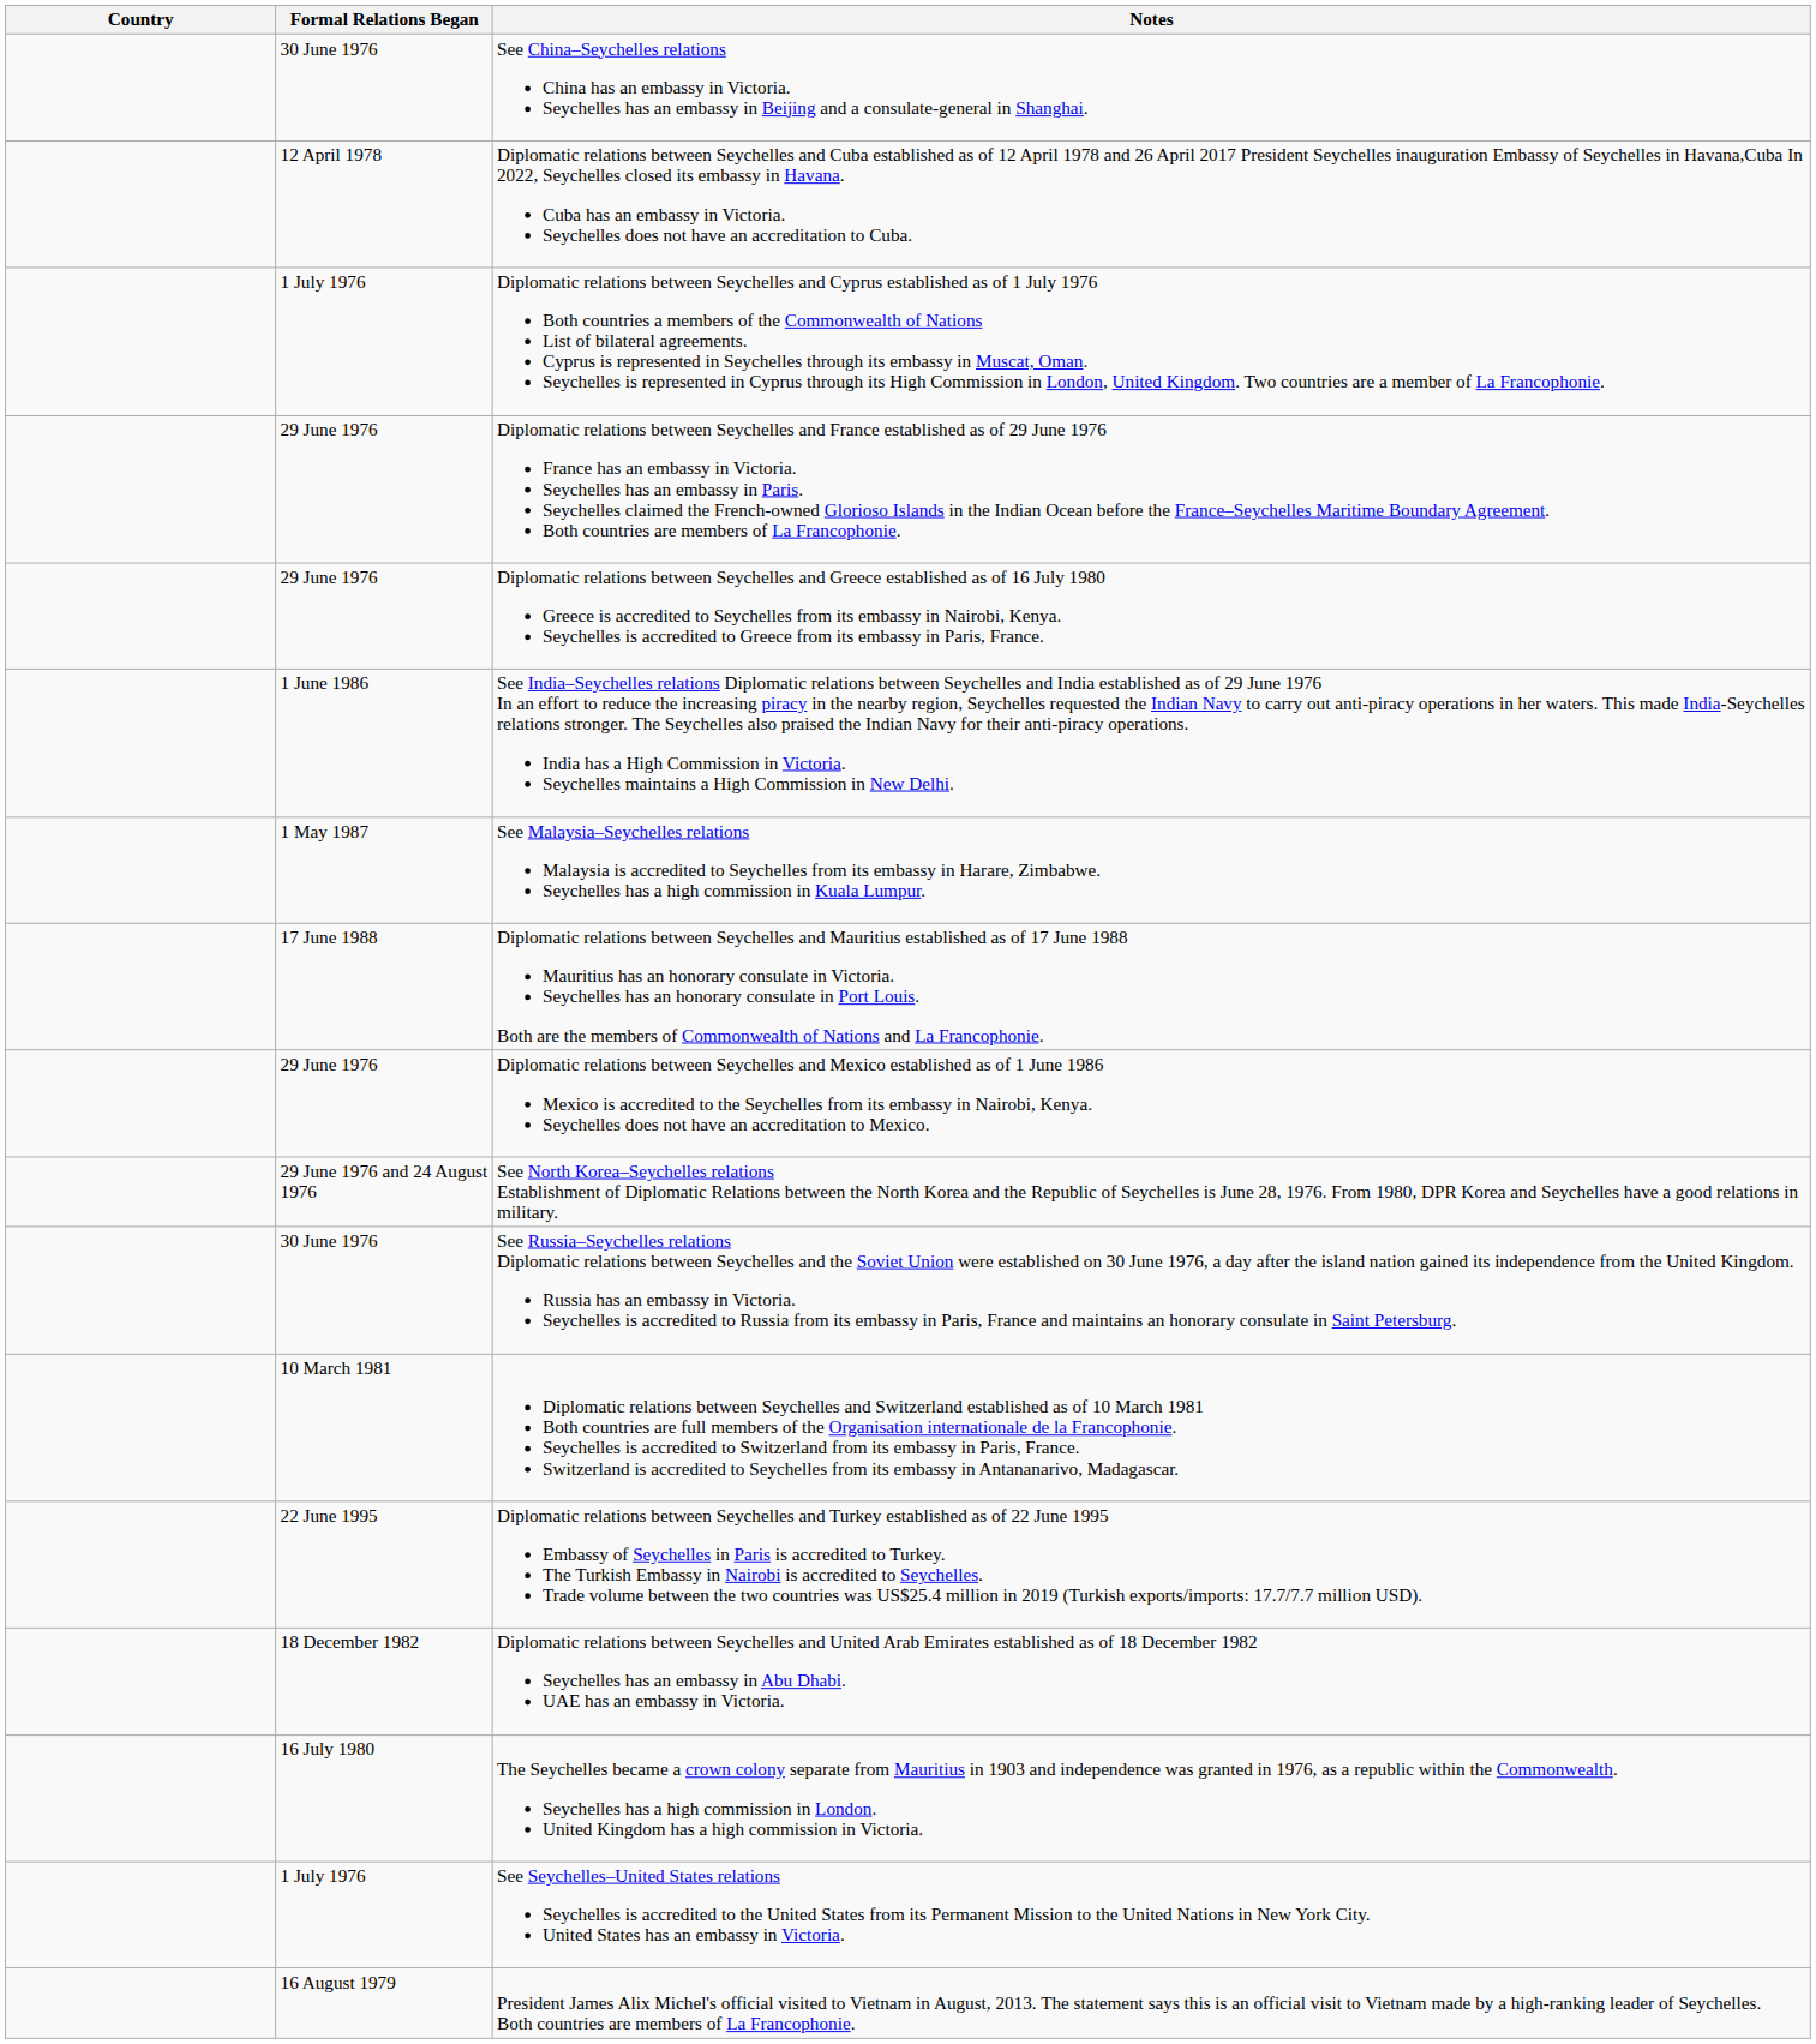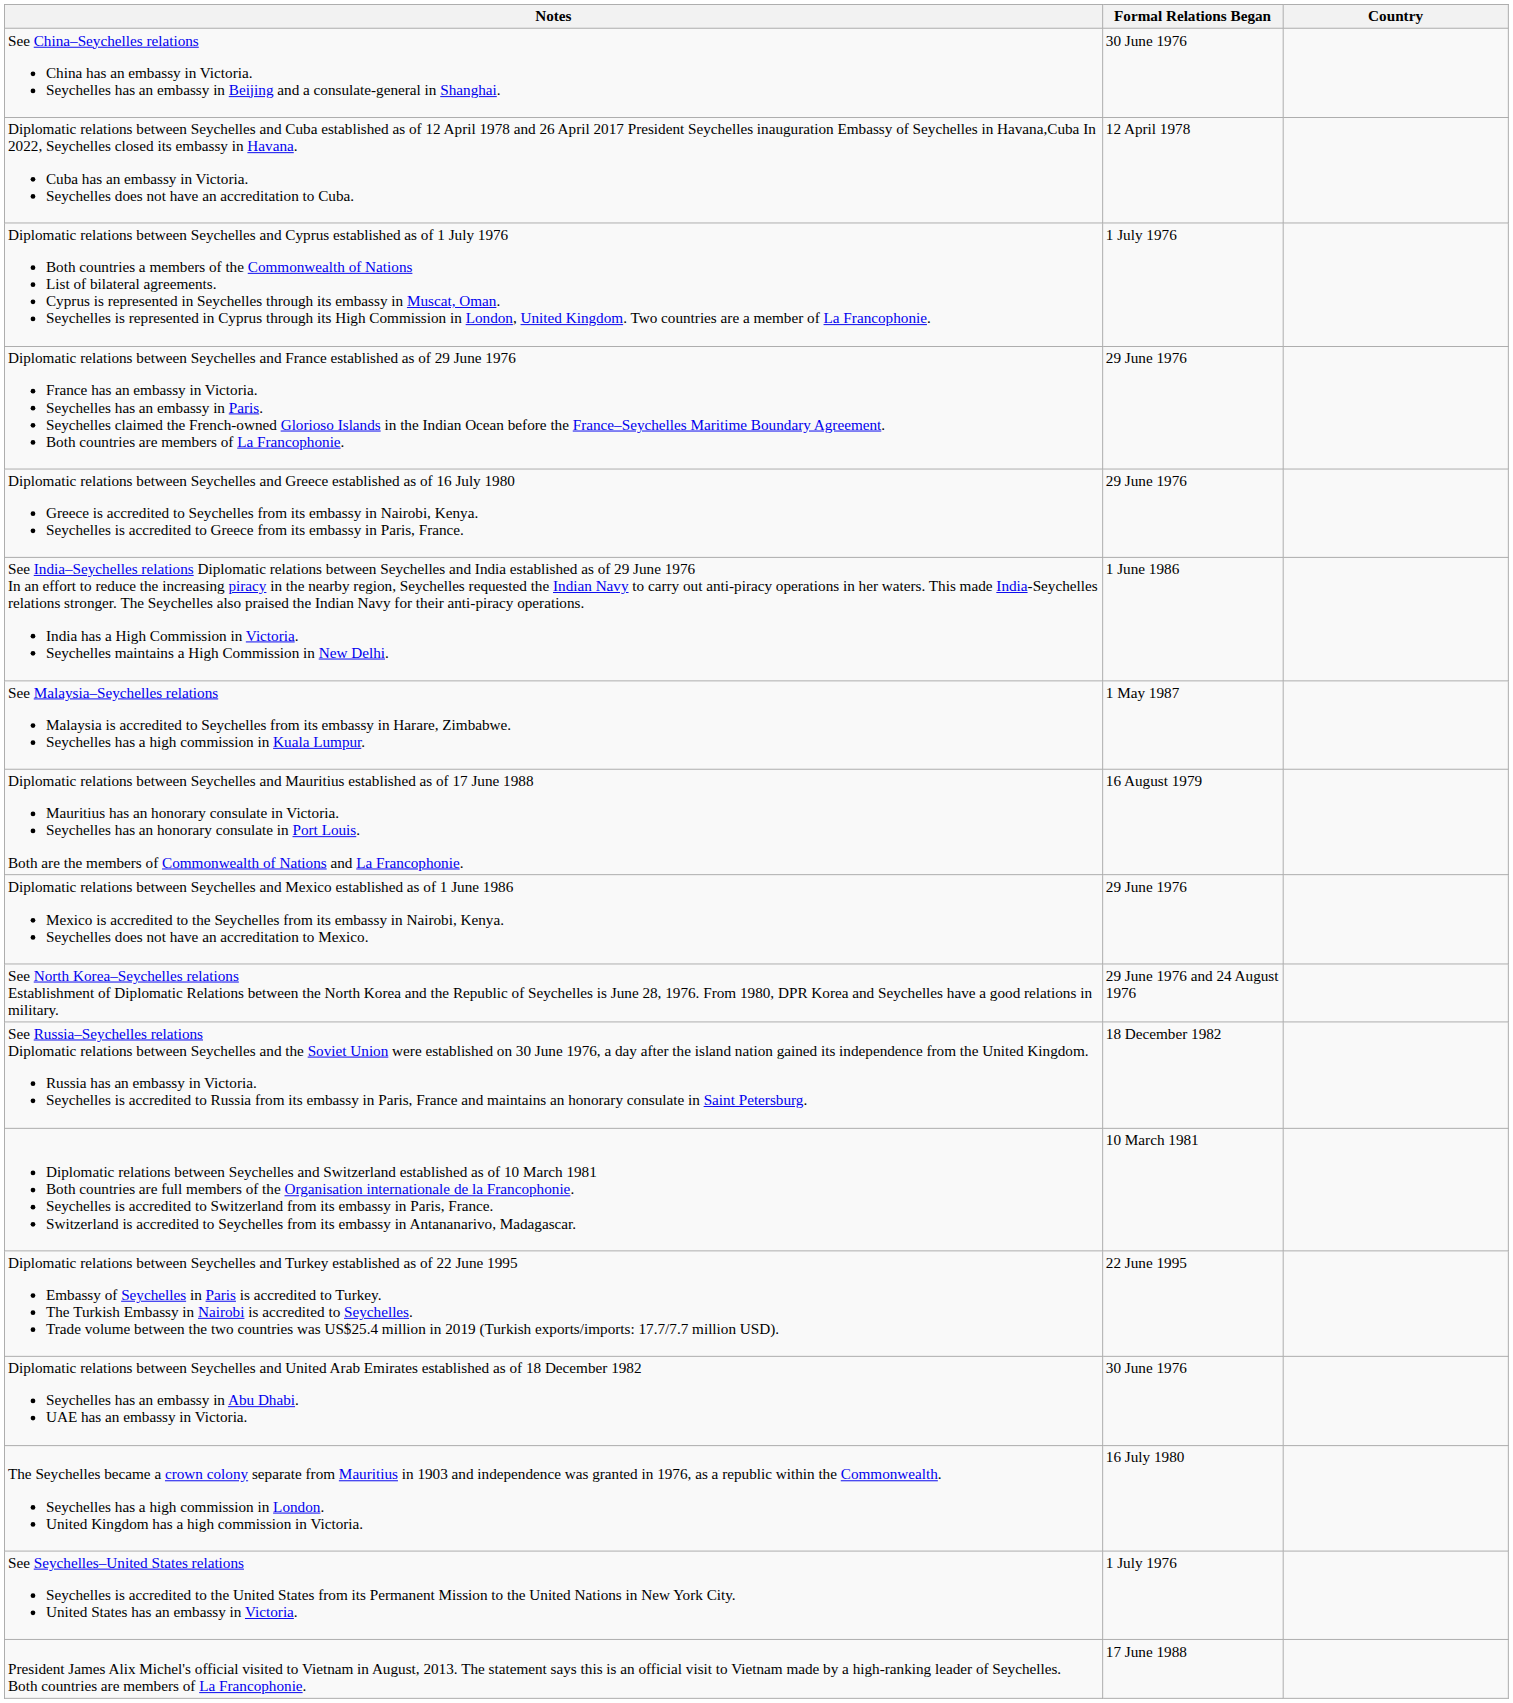 <table class="wikitable sortable" style="width:100%; margin:auto;">
 <tr>
+<th>Notes</th>
+<th style="width:12%;">Formal Relations Began</th>
 <th style="width:15%;">Country</th>
-<th style="width:12%;">Formal Relations Began</th>
-<th>Notes</th>
 </tr>
 <tr valign="top">
+<td>See <a href='#'>China–Seychelles relations</a><br><ul><li>China has an embassy in Victoria.</li><li>Seychelles has an embassy in  <a href='#'>Beijing</a> and a consulate-general in <a href='#'>Shanghai</a>.</li></ul></td>
+<td>30 June 1976</td>
 <td></td>
-<td>30 June 1976</td>
-<td>See <a href='#'>China–Seychelles relations</a><br><ul><li>China has an embassy in Victoria.</li><li>Seychelles has an embassy in  <a href='#'>Beijing</a> and a consulate-general in <a href='#'>Shanghai</a>.</li></ul></td>
 </tr>
 <tr valign="top">
+<td>Diplomatic relations between Seychelles and Cuba established as of 12 April 1978 and 26 April 2017 President Seychelles inauguration Embassy of Seychelles in Havana,Cuba In 2022, Seychelles closed its embassy in <a href='#'>Havana</a>.<br><ul><li>Cuba has an embassy in Victoria.</li><li>Seychelles does not have an accreditation to Cuba.</li></ul></td>
+<td>12 April 1978</td>
 <td></td>
-<td>12 April 1978</td>
-<td>Diplomatic relations between Seychelles and Cuba established as of 12 April 1978 and 26 April 2017 President Seychelles inauguration Embassy of Seychelles in Havana,Cuba In 2022, Seychelles closed its embassy in <a href='#'>Havana</a>.<br><ul><li>Cuba has an embassy in Victoria.</li><li>Seychelles does not have an accreditation to Cuba.</li></ul></td>
 </tr>
 <tr valign="top">
+<td>Diplomatic relations between Seychelles and Cyprus established as of 1 July 1976<br><ul><li>Both countries a members of the <a href='#'>Commonwealth of Nations</a></li><li>List of bilateral agreements.</li><li>Cyprus is represented in Seychelles through its embassy in <a href='#'>Muscat, Oman</a>.</li><li>Seychelles  is represented in Cyprus through its High Commission in <a href='#'>London</a>, <a href='#'>United Kingdom</a>. Two countries are a member of <a href='#'>La Francophonie</a>.</li></ul></td>
+<td>1 July 1976</td>
 <td></td>
-<td>1 July 1976</td>
-<td>Diplomatic relations between Seychelles and Cyprus established as of 1 July 1976<br><ul><li>Both countries a members of the <a href='#'>Commonwealth of Nations</a></li><li>List of bilateral agreements.</li><li>Cyprus is represented in Seychelles through its embassy in <a href='#'>Muscat, Oman</a>.</li><li>Seychelles  is represented in Cyprus through its High Commission in <a href='#'>London</a>, <a href='#'>United Kingdom</a>. Two countries are a member of <a href='#'>La Francophonie</a>.</li></ul></td>
 </tr>
 <tr valign="top">
+<td>Diplomatic relations between Seychelles and France established as of 29 June 1976<br><ul><li>France has an embassy in Victoria.</li><li>Seychelles has an embassy in <a href='#'>Paris</a>.</li><li>Seychelles claimed the French-owned <a href='#'>Glorioso Islands</a> in the Indian Ocean before the <a href='#'>France–Seychelles Maritime Boundary Agreement</a>.</li><li>Both countries are members of <a href='#'>La Francophonie</a>.</li></ul></td>
+<td>29 June 1976</td>
 <td></td>
-<td>29 June 1976</td>
-<td>Diplomatic relations between Seychelles and France established as of 29 June 1976<br><ul><li>France has an embassy in Victoria.</li><li>Seychelles has an embassy in <a href='#'>Paris</a>.</li><li>Seychelles claimed the French-owned <a href='#'>Glorioso Islands</a> in the Indian Ocean before the <a href='#'>France–Seychelles Maritime Boundary Agreement</a>.</li><li>Both countries are members of <a href='#'>La Francophonie</a>.</li></ul></td>
 </tr>
 <tr valign="top">
+<td>Diplomatic relations between Seychelles and Greece established as of 16 July 1980<br><ul><li>Greece is accredited to Seychelles from its embassy in Nairobi, Kenya.</li><li>Seychelles is accredited to Greece from its embassy in Paris, France.</li></ul></td>
+<td>29 June 1976</td>
 <td></td>
-<td>29 June 1976</td>
-<td>Diplomatic relations between Seychelles and Greece established as of 16 July 1980<br><ul><li>Greece is accredited to Seychelles from its embassy in Nairobi, Kenya.</li><li>Seychelles is accredited to Greece from its embassy in Paris, France.</li></ul></td>
 </tr>
 <tr valign="top">
+<td>See <a href='#'>India–Seychelles relations</a> Diplomatic relations between Seychelles and India established as of 29 June 1976<br>In an effort to reduce the increasing <a href='#'>piracy</a> in the nearby region, Seychelles requested the <a href='#'>Indian Navy</a> to carry out anti-piracy operations in her waters. This made <a href='#'>India</a>-Seychelles relations stronger. The Seychelles also praised the Indian Navy for their anti-piracy operations.<ul><li>India has a High Commission in <a href='#'>Victoria</a>.</li><li>Seychelles maintains a High Commission in <a href='#'>New Delhi</a>.</li></ul></td>
+<td>1 June 1986</td>
 <td></td>
-<td>1 June 1986</td>
-<td>See <a href='#'>India–Seychelles relations</a> Diplomatic relations between Seychelles and India established as of 29 June 1976<br>In an effort to reduce the increasing <a href='#'>piracy</a> in the nearby region, Seychelles requested the <a href='#'>Indian Navy</a> to carry out anti-piracy operations in her waters. This made <a href='#'>India</a>-Seychelles relations stronger. The Seychelles also praised the Indian Navy for their anti-piracy operations.<ul><li>India has a High Commission in <a href='#'>Victoria</a>.</li><li>Seychelles maintains a High Commission in <a href='#'>New Delhi</a>.</li></ul></td>
 </tr>
 <tr valign="top">
+<td>See <a href='#'>Malaysia–Seychelles relations</a><br><ul><li>Malaysia is accredited to Seychelles from its embassy in Harare, Zimbabwe.</li><li>Seychelles has a high commission in <a href='#'>Kuala Lumpur</a>.</li></ul></td>
+<td>1 May 1987</td>
 <td></td>
-<td>1 May 1987</td>
-<td>See <a href='#'>Malaysia–Seychelles relations</a><br><ul><li>Malaysia is accredited to Seychelles from its embassy in Harare, Zimbabwe.</li><li>Seychelles has a high commission in <a href='#'>Kuala Lumpur</a>.</li></ul></td>
 </tr>
 <tr valign="top">
+<td>Diplomatic relations between Seychelles and Mauritius established as of 17 June 1988<br><ul><li>Mauritius has an honorary consulate in Victoria.</li><li>Seychelles has an honorary consulate in <a href='#'>Port Louis</a>.</li></ul>Both are the members of <a href='#'>Commonwealth of Nations</a> and <a href='#'>La Francophonie</a>.</td>
+<td>16 August 1979</td>
 <td></td>
-<td>17 June 1988</td>
-<td>Diplomatic relations between Seychelles and Mauritius established as of 17 June 1988<br><ul><li>Mauritius has an honorary consulate in Victoria.</li><li>Seychelles has an honorary consulate in <a href='#'>Port Louis</a>.</li></ul>Both are the members of <a href='#'>Commonwealth of Nations</a> and <a href='#'>La Francophonie</a>.</td>
 </tr>
 <tr valign="top">
+<td>Diplomatic relations between Seychelles and Mexico established as of 1 June 1986<br><ul><li>Mexico is accredited to the Seychelles from its embassy in Nairobi, Kenya.</li><li>Seychelles does not have an accreditation to Mexico.</li></ul></td>
+<td>29 June 1976</td>
 <td></td>
-<td>29 June 1976</td>
-<td>Diplomatic relations between Seychelles and Mexico established as of 1 June 1986<br><ul><li>Mexico is accredited to the Seychelles from its embassy in Nairobi, Kenya.</li><li>Seychelles does not have an accreditation to Mexico.</li></ul></td>
 </tr>
 <tr valign="top">
+<td>See <a href='#'>North Korea–Seychelles relations</a><br>Establishment of Diplomatic Relations between the North Korea and the Republic of Seychelles is June 28, 1976. From 1980, DPR Korea and Seychelles have a good relations in military.</td>
+<td>29 June 1976 and 24 August 1976</td>
 <td></td>
-<td>29 June 1976 and 24 August 1976</td>
-<td>See <a href='#'>North Korea–Seychelles relations</a><br>Establishment of Diplomatic Relations between the North Korea and the Republic of Seychelles is June 28, 1976. From 1980, DPR Korea and Seychelles have a good relations in military.</td>
 </tr>
 <tr valign="top">
+<td>See <a href='#'>Russia–Seychelles relations</a><br>Diplomatic relations between Seychelles and the <a href='#'>Soviet Union</a> were established on 30 June 1976, a day after the island nation gained its independence from the United Kingdom.<ul><li>Russia has an embassy in Victoria.</li><li>Seychelles is accredited to Russia from its embassy in Paris, France and maintains an honorary consulate in <a href='#'>Saint Petersburg</a>.</li></ul></td>
+<td>18 December 1982</td>
 <td></td>
-<td>30 June 1976</td>
-<td>See <a href='#'>Russia–Seychelles relations</a><br>Diplomatic relations between Seychelles and the <a href='#'>Soviet Union</a> were established on 30 June 1976, a day after the island nation gained its independence from the United Kingdom.<ul><li>Russia has an embassy in Victoria.</li><li>Seychelles is accredited to Russia from its embassy in Paris, France and maintains an honorary consulate in <a href='#'>Saint Petersburg</a>.</li></ul></td>
 </tr>
 <tr valign="top">
+<td><br><ul><li>Diplomatic relations between Seychelles and Switzerland established as of 10 March 1981</li><li>Both countries are full members of the <a href='#'>Organisation internationale de la Francophonie</a>.</li><li>Seychelles is accredited to Switzerland from its embassy in Paris, France.</li><li>Switzerland is accredited to Seychelles from its embassy in Antananarivo, Madagascar.</li></ul></td>
+<td>10 March 1981</td>
 <td></td>
-<td>10 March 1981</td>
-<td><br><ul><li>Diplomatic relations between Seychelles and Switzerland established as of 10 March 1981</li><li>Both countries are full members of the <a href='#'>Organisation internationale de la Francophonie</a>.</li><li>Seychelles is accredited to Switzerland from its embassy in Paris, France.</li><li>Switzerland is accredited to Seychelles from its embassy in Antananarivo, Madagascar.</li></ul></td>
 </tr>
 <tr valign="top">
+<td>Diplomatic relations between Seychelles and Turkey established as of 22 June 1995<br><ul><li>Embassy of <a href='#'>Seychelles</a> in <a href='#'>Paris</a> is accredited to Turkey.</li><li>The Turkish Embassy in <a href='#'>Nairobi</a> is accredited to <a href='#'>Seychelles</a>.</li><li>Trade volume between the two countries was US$25.4 million in 2019 (Turkish exports/imports: 17.7/7.7 million USD).</li></ul></td>
+<td>22 June 1995</td>
 <td></td>
-<td>22 June 1995</td>
-<td>Diplomatic relations between Seychelles and Turkey established as of 22 June 1995<br><ul><li>Embassy of <a href='#'>Seychelles</a> in <a href='#'>Paris</a> is accredited to Turkey.</li><li>The Turkish Embassy in <a href='#'>Nairobi</a> is accredited to <a href='#'>Seychelles</a>.</li><li>Trade volume between the two countries was US$25.4 million in 2019 (Turkish exports/imports: 17.7/7.7 million USD).</li></ul></td>
 </tr>
 <tr valign="top">
+<td>Diplomatic relations between Seychelles and United Arab Emirates established as of 18 December 1982<br><ul><li>Seychelles has an embassy in <a href='#'>Abu Dhabi</a>.</li><li>UAE has an embassy in Victoria.</li></ul></td>
+<td>30 June 1976</td>
 <td></td>
-<td>18 December 1982</td>
-<td>Diplomatic relations between Seychelles and United Arab Emirates established as of 18 December 1982<br><ul><li>Seychelles has an embassy in <a href='#'>Abu Dhabi</a>.</li><li>UAE has an embassy in Victoria.</li></ul></td>
 </tr>
 <tr valign="top">
+<td><br>The Seychelles became a <a href='#'>crown colony</a> separate from <a href='#'>Mauritius</a> in 1903 and independence was granted in 1976, as a republic within the <a href='#'>Commonwealth</a>.<ul><li>Seychelles has a high commission in <a href='#'>London</a>.</li><li>United Kingdom has a high commission in Victoria.</li></ul></td>
+<td>16 July 1980</td>
 <td></td>
-<td>16 July 1980</td>
-<td><br>The Seychelles became a <a href='#'>crown colony</a> separate from <a href='#'>Mauritius</a> in 1903 and independence was granted in 1976, as a republic within the <a href='#'>Commonwealth</a>.<ul><li>Seychelles has a high commission in <a href='#'>London</a>.</li><li>United Kingdom has a high commission in Victoria.</li></ul></td>
 </tr>
 <tr valign="top">
+<td>See <a href='#'>Seychelles–United States relations</a><br><ul><li>Seychelles is accredited to the United States from its Permanent Mission to the United Nations in New York City.</li><li>United States has an embassy in <a href='#'>Victoria</a>.</li></ul></td>
+<td>1 July 1976</td>
 <td></td>
-<td>1 July 1976</td>
-<td>See <a href='#'>Seychelles–United States relations</a><br><ul><li>Seychelles is accredited to the United States from its Permanent Mission to the United Nations in New York City.</li><li>United States has an embassy in <a href='#'>Victoria</a>.</li></ul></td>
 </tr>
 <tr valign="top">
+<td><br>President James Alix Michel's official visited to Vietnam in August, 2013. The statement says this is an official visit to Vietnam made by a high-ranking leader of Seychelles.<br>Both countries are members of <a href='#'>La Francophonie</a>.</td>
+<td>17 June 1988</td>
 <td></td>
-<td>16 August 1979</td>
-<td><br>President James Alix Michel's official visited to Vietnam in August, 2013. The statement says this is an official visit to Vietnam made by a high-ranking leader of Seychelles.<br>Both countries are members of <a href='#'>La Francophonie</a>.</td>
 </tr>
 </table>
